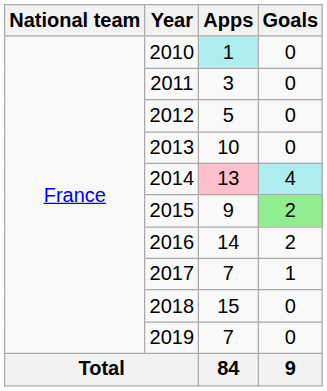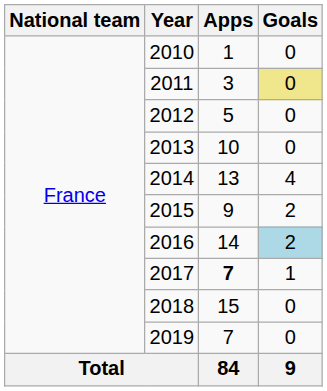 <table class="wikitable" style="text-align: center">
 <tr>
 <th>National team</th>
 <th>Year</th>
 <th>Apps</th>
 <th>Goals</th>
 </tr>
 <tr>
 <td rowspan="10"><a href='#'>France</a></td>
 <td>2010</td>
-<td style="background: paleturquoise;">1</td>
+<td>1</td>
 <td>0</td>
 </tr>
 <tr>
 <td>2011</td>
 <td>3</td>
-<td>0</td>
+<td style="background: khaki;">0</td>
 </tr>
 <tr>
 <td>2012</td>
 <td>5</td>
 <td>0</td>
 </tr>
 <tr>
 <td>2013</td>
 <td>10</td>
 <td>0</td>
 </tr>
 <tr>
 <td>2014</td>
-<td style="background: pink;">13</td>
-<td style="background: paleturquoise;">4</td>
+<td>13</td>
+<td>4</td>
 </tr>
 <tr>
 <td>2015</td>
 <td>9</td>
-<td style="background: lightgreen;">2</td>
+<td>2</td>
 </tr>
 <tr>
 <td>2016</td>
 <td>14</td>
-<td>2</td>
+<td style="background: lightblue;">2</td>
 </tr>
 <tr>
 <td>2017</td>
-<td>7</td>
+<td><strong>7</strong></td>
 <td>1</td>
 </tr>
 <tr>
 <td>2018</td>
 <td>15</td>
 <td>0</td>
 </tr>
 <tr>
 <td>2019</td>
 <td>7</td>
 <td>0</td>
 </tr>
 <tr>
 <th colspan="2">Total</th>
 <th>84</th>
 <th>9</th>
 </tr>
 </table>
